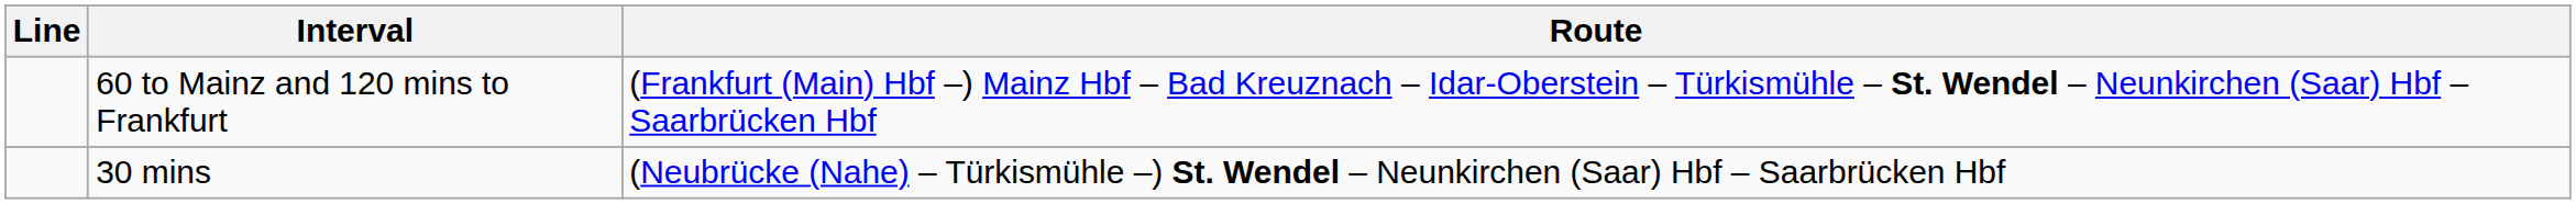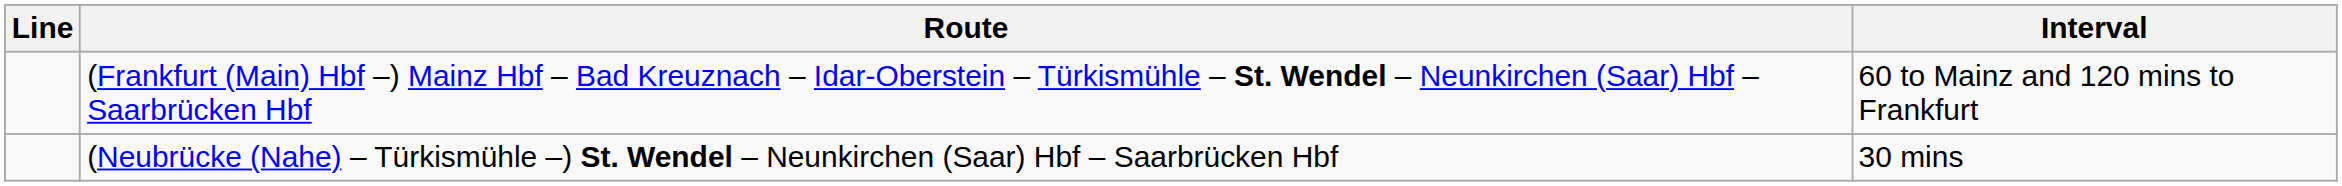 <table class="wikitable">
 <tr>
 <th>Line</th>
+<th>Route</th>
 <th>Interval</th>
-<th>Route</th>
 </tr>
 <tr>
 <td align="center"></td>
+<td>(<a href='#'>Frankfurt (Main) Hbf</a> –) <a href='#'>Mainz Hbf</a> – <a href='#'>Bad Kreuznach</a> – <a href='#'>Idar-Oberstein</a> – <a href='#'>Türkismühle</a> – <strong>St. Wendel</strong> – <a href='#'>Neunkirchen (Saar) Hbf</a> – <a href='#'>Saarbrücken Hbf</a></td>
 <td>60 to Mainz and 120 mins to Frankfurt</td>
-<td>(<a href='#'>Frankfurt (Main) Hbf</a> –) <a href='#'>Mainz Hbf</a> – <a href='#'>Bad Kreuznach</a> – <a href='#'>Idar-Oberstein</a> – <a href='#'>Türkismühle</a> – <strong>St. Wendel</strong> – <a href='#'>Neunkirchen (Saar) Hbf</a> – <a href='#'>Saarbrücken Hbf</a></td>
 </tr>
 <tr>
 <td align="center"></td>
+<td>(<a href='#'>Neubrücke (Nahe)</a> – Türkismühle –) <strong>St. Wendel</strong> – Neunkirchen (Saar) Hbf – Saarbrücken Hbf</td>
 <td>30 mins</td>
-<td>(<a href='#'>Neubrücke (Nahe)</a> – Türkismühle –) <strong>St. Wendel</strong> – Neunkirchen (Saar) Hbf – Saarbrücken Hbf</td>
 </tr>
 </table>
